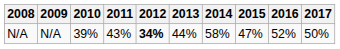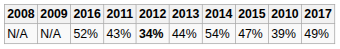 <table class="wikitable">
 <tr>
 <th>2008</th>
 <th>2009</th>
-<th>2010</th>
+<th>2016</th>
 <th>2011</th>
 <th>2012</th>
 <th>2013</th>
 <th>2014</th>
 <th>2015</th>
-<th>2016</th>
+<th>2010</th>
 <th>2017</th>
 </tr>
 <tr>
 <td>N/A</td>
 <td>N/A</td>
-<td>39%</td>
+<td>52%</td>
 <td>43%</td>
 <td><strong>34%</strong></td>
 <td>44%</td>
-<td>58%</td>
+<td>54%</td>
 <td>47%</td>
-<td>52%</td>
-<td>50%</td>
+<td>39%</td>
+<td>49%</td>
 </tr>
 </table>
